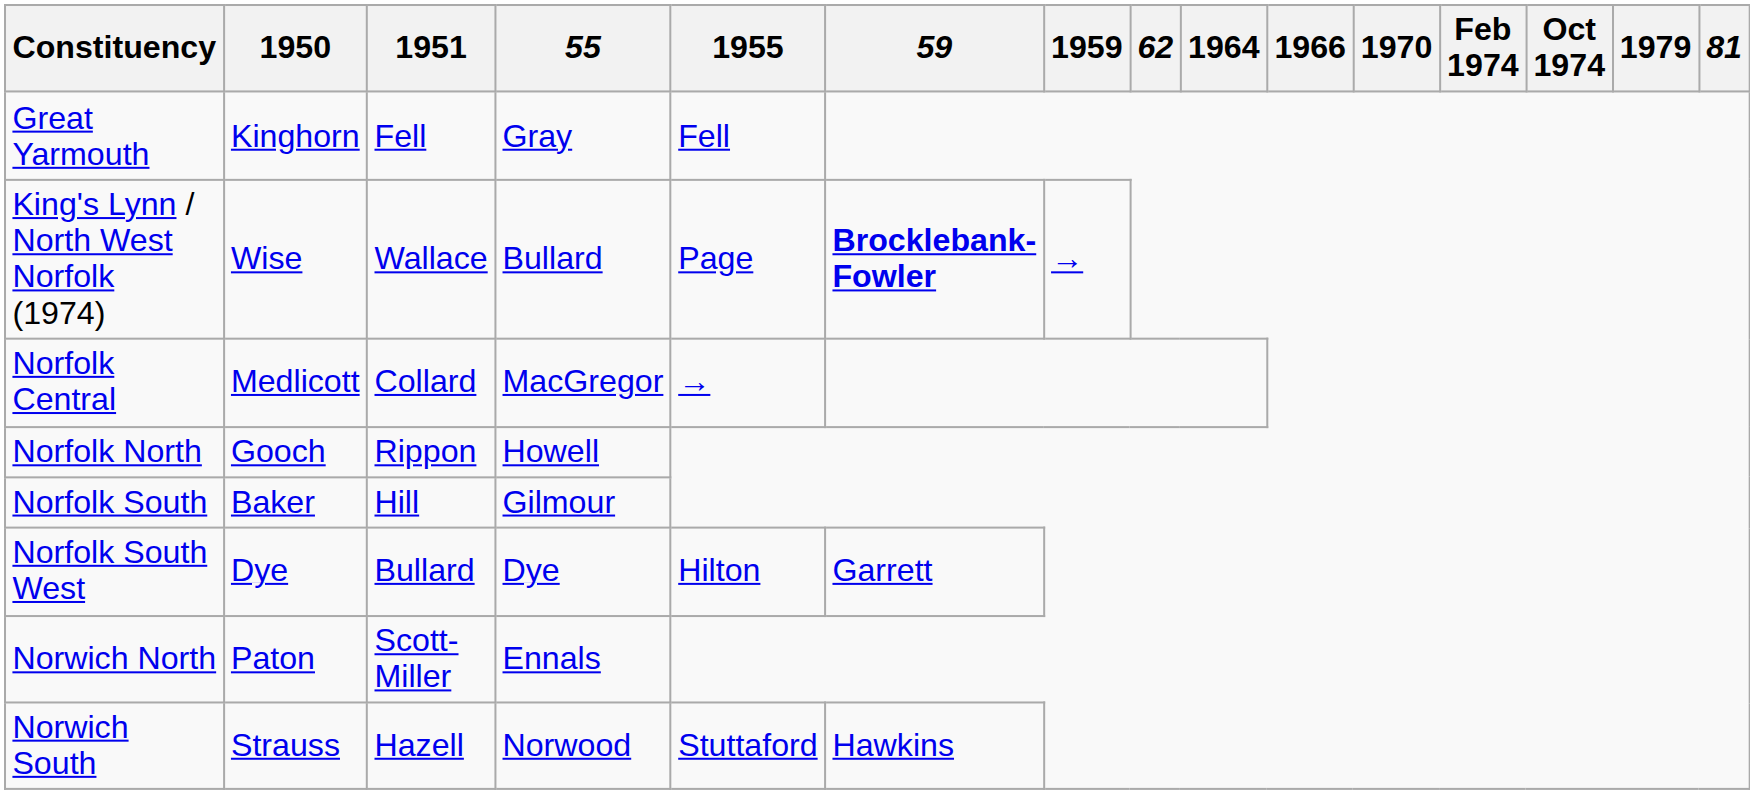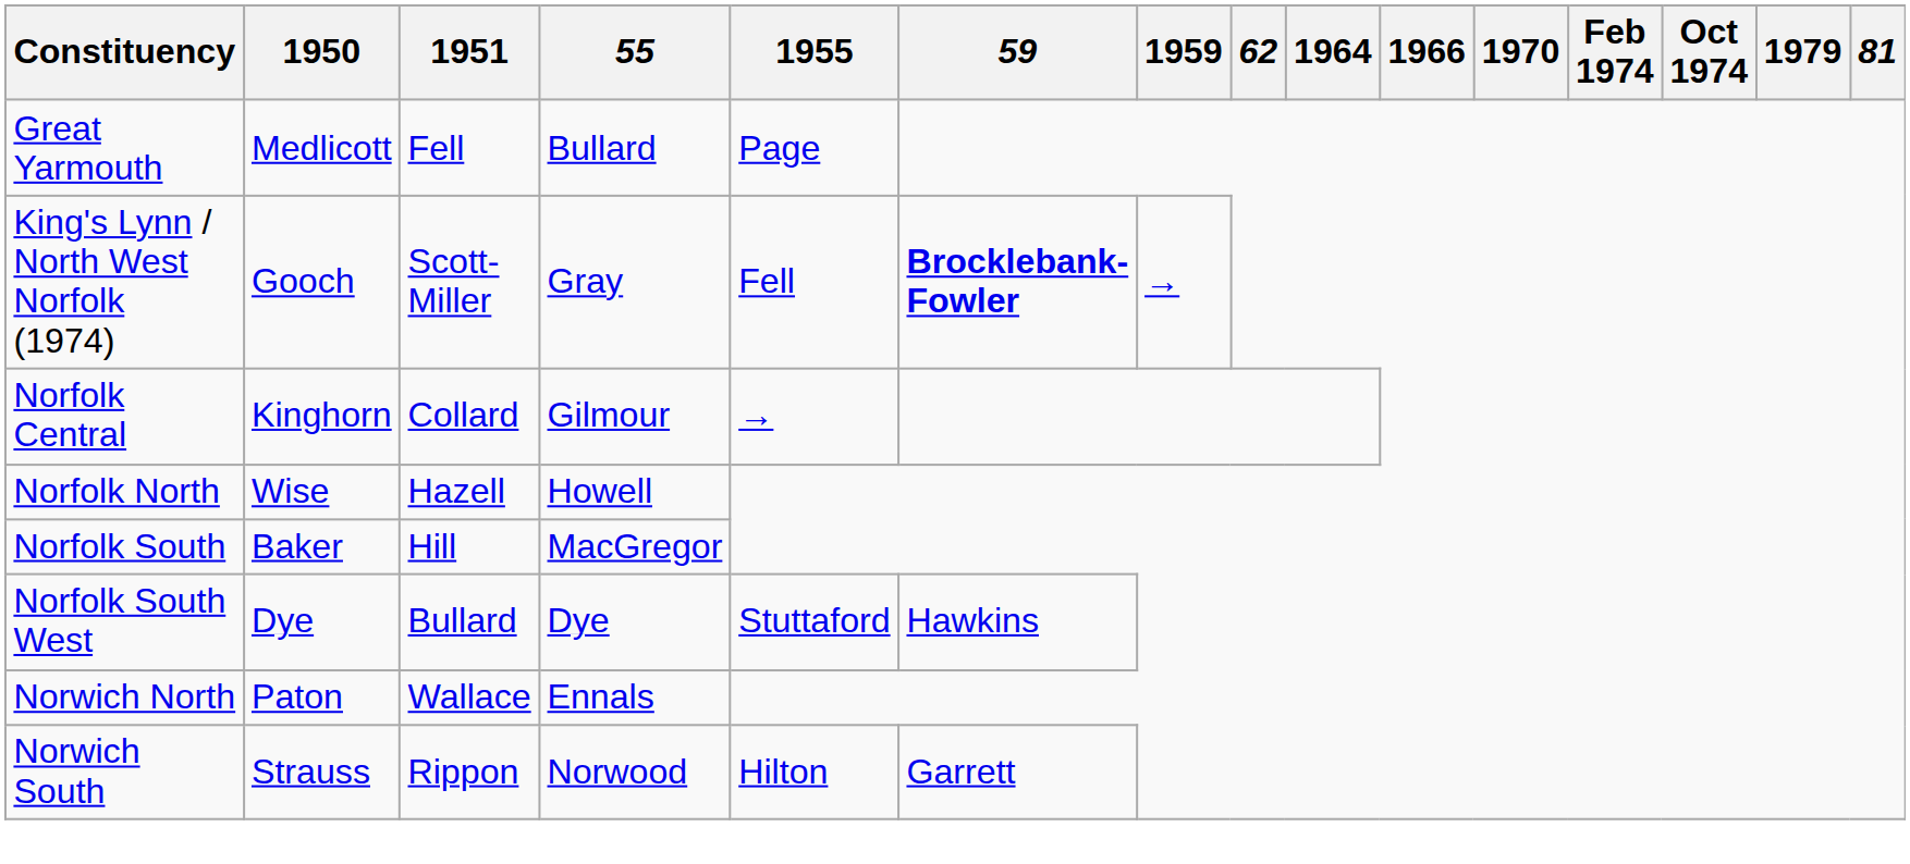 <table class="wikitable">
 <tr>
 <th>Constituency</th>
 <th>1950</th>
 <th>1951</th>
 <th><em>55</em></th>
 <th>1955</th>
 <th><em>59</em></th>
 <th>1959</th>
 <th><em>62</em></th>
 <th>1964</th>
 <th>1966</th>
 <th>1970</th>
 <th>Feb 1974</th>
 <th>Oct 1974</th>
 <th>1979</th>
 <th><em>81</em></th>
 </tr>
 <tr>
 <td><a href='#'>Great Yarmouth</a></td>
-<td><a href='#'>Kinghorn</a></td>
+<td><a href='#'>Medlicott</a></td>
 <td><a href='#'>Fell</a></td>
-<td><a href='#'>Gray</a></td>
-<td><a href='#'>Fell</a></td>
+<td><a href='#'>Bullard</a></td>
+<td><a href='#'>Page</a></td>
 </tr>
 <tr>
 <td><a href='#'>King's Lynn</a> / <a href='#'>North West Norfolk</a> (1974)</td>
-<td><a href='#'>Wise</a></td>
-<td><a href='#'>Wallace</a></td>
-<td><a href='#'>Bullard</a></td>
-<td><a href='#'>Page</a></td>
+<td><a href='#'>Gooch</a></td>
+<td><a href='#'>Scott-Miller</a></td>
+<td><a href='#'>Gray</a></td>
+<td><a href='#'>Fell</a></td>
 <td><strong><a href='#'>Brocklebank-Fowler</a></strong></td>
 <td><a href='#'>→</a></td>
 </tr>
 <tr>
 <td><a href='#'>Norfolk Central</a></td>
-<td><a href='#'>Medlicott</a></td>
+<td><a href='#'>Kinghorn</a></td>
 <td><a href='#'>Collard</a></td>
-<td><a href='#'>MacGregor</a></td>
+<td><a href='#'>Gilmour</a></td>
 <td><a href='#'>→</a></td>
 <td colspan="4"></td>
 </tr>
 <tr>
 <td><a href='#'>Norfolk North</a></td>
-<td><a href='#'>Gooch</a></td>
-<td><a href='#'>Rippon</a></td>
+<td><a href='#'>Wise</a></td>
+<td><a href='#'>Hazell</a></td>
 <td><a href='#'>Howell</a></td>
 </tr>
 <tr>
 <td><a href='#'>Norfolk South</a></td>
 <td><a href='#'>Baker</a></td>
 <td><a href='#'>Hill</a></td>
-<td><a href='#'>Gilmour</a></td>
+<td><a href='#'>MacGregor</a></td>
 </tr>
 <tr>
 <td><a href='#'>Norfolk South West</a></td>
 <td><a href='#'>Dye</a></td>
 <td><a href='#'>Bullard</a></td>
 <td><a href='#'>Dye</a></td>
-<td><a href='#'>Hilton</a></td>
-<td><a href='#'>Garrett</a></td>
+<td><a href='#'>Stuttaford</a></td>
+<td><a href='#'>Hawkins</a></td>
 </tr>
 <tr>
 <td><a href='#'>Norwich North</a></td>
 <td><a href='#'>Paton</a></td>
-<td><a href='#'>Scott-Miller</a></td>
+<td><a href='#'>Wallace</a></td>
 <td><a href='#'>Ennals</a></td>
 </tr>
 <tr>
 <td><a href='#'>Norwich South</a></td>
 <td><a href='#'>Strauss</a></td>
-<td><a href='#'>Hazell</a></td>
+<td><a href='#'>Rippon</a></td>
 <td><a href='#'>Norwood</a></td>
-<td><a href='#'>Stuttaford</a></td>
-<td><a href='#'>Hawkins</a></td>
+<td><a href='#'>Hilton</a></td>
+<td><a href='#'>Garrett</a></td>
 </tr>
 </table>
